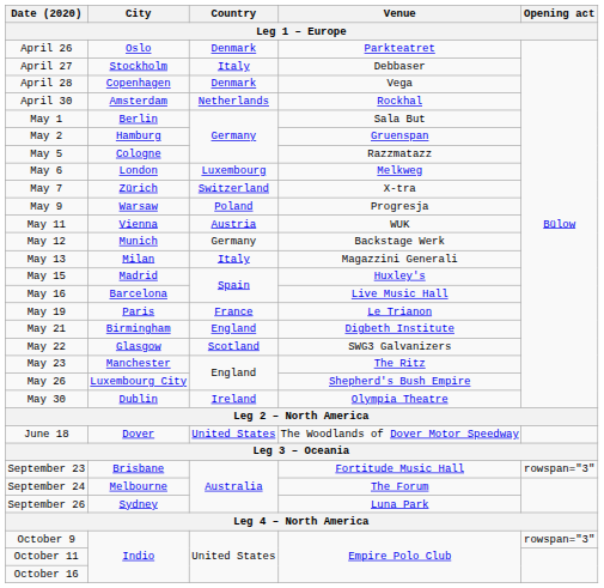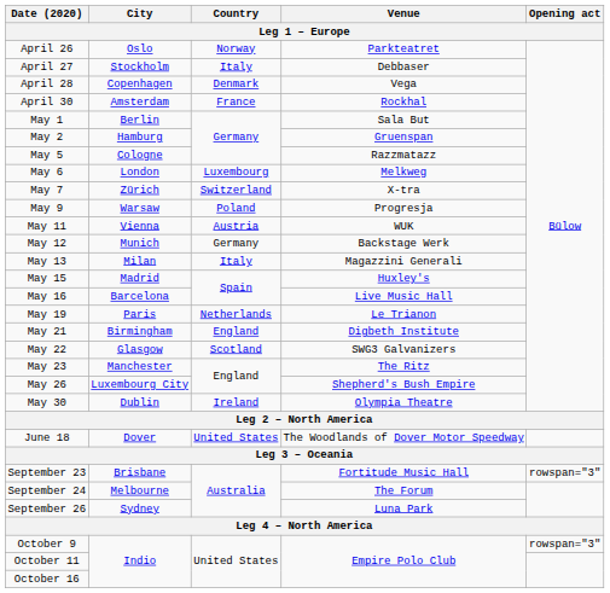 <table class="wikitable plainrowheaders" style="text-align:center;">
 <tr>
 <th>Date (2020)</th>
 <th>City</th>
 <th>Country</th>
 <th>Venue</th>
 <th>Opening act</th>
 </tr>
 <tr>
 <th colspan="5"><strong>Leg 1 – Europe</strong></th>
 </tr>
 <tr>
 <td>April 26</td>
 <td><a href='#'>Oslo</a></td>
-<td><a href='#'>Denmark</a></td>
+<td><a href='#'>Norway</a></td>
 <td><a href='#'>Parkteatret</a></td>
 <td rowspan="21"><a href='#'>Bülow</a></td>
 </tr>
 <tr>
 <td>April 27</td>
 <td><a href='#'>Stockholm</a></td>
 <td><a href='#'>Italy</a></td>
 <td>Debbaser</td>
 </tr>
 <tr>
 <td>April 28</td>
 <td><a href='#'>Copenhagen</a></td>
 <td><a href='#'>Denmark</a></td>
 <td>Vega</td>
 </tr>
 <tr>
 <td>April 30</td>
 <td><a href='#'>Amsterdam</a></td>
-<td><a href='#'>Netherlands</a></td>
+<td><a href='#'>France</a></td>
 <td><a href='#'>Rockhal</a></td>
 </tr>
 <tr>
 <td>May 1</td>
 <td><a href='#'>Berlin</a></td>
 <td rowspan="3"><a href='#'>Germany</a></td>
 <td>Sala But</td>
 </tr>
 <tr>
 <td>May 2</td>
 <td><a href='#'>Hamburg</a></td>
 <td><a href='#'>Gruenspan</a></td>
 </tr>
 <tr>
 <td>May 5</td>
 <td><a href='#'>Cologne</a></td>
 <td>Razzmatazz</td>
 </tr>
 <tr>
 <td>May 6</td>
 <td><a href='#'>London</a></td>
 <td><a href='#'>Luxembourg</a></td>
 <td><a href='#'>Melkweg</a></td>
 </tr>
 <tr>
 <td>May 7</td>
 <td><a href='#'>Zürich</a></td>
 <td><a href='#'>Switzerland</a></td>
 <td>X-tra</td>
 </tr>
 <tr>
 <td>May 9</td>
 <td><a href='#'>Warsaw</a></td>
 <td><a href='#'>Poland</a></td>
 <td>Progresja</td>
 </tr>
 <tr>
 <td>May 11</td>
 <td><a href='#'>Vienna</a></td>
 <td><a href='#'>Austria</a></td>
 <td>WUK</td>
 </tr>
 <tr>
 <td>May 12</td>
 <td><a href='#'>Munich</a></td>
 <td>Germany</td>
 <td>Backstage Werk</td>
 </tr>
 <tr>
 <td>May 13</td>
 <td><a href='#'>Milan</a></td>
 <td><a href='#'>Italy</a></td>
 <td>Magazzini Generali</td>
 </tr>
 <tr>
 <td>May 15</td>
 <td><a href='#'>Madrid</a></td>
 <td rowspan="2"><a href='#'>Spain</a></td>
 <td><a href='#'>Huxley's</a></td>
 </tr>
 <tr>
 <td>May 16</td>
 <td><a href='#'>Barcelona</a></td>
 <td><a href='#'>Live Music Hall</a></td>
 </tr>
 <tr>
 <td>May 19</td>
 <td><a href='#'>Paris</a></td>
-<td><a href='#'>France</a></td>
+<td><a href='#'>Netherlands</a></td>
 <td><a href='#'>Le Trianon</a></td>
 </tr>
 <tr>
 <td>May 21</td>
 <td><a href='#'>Birmingham</a></td>
 <td><a href='#'>England</a></td>
 <td><a href='#'>Digbeth Institute</a></td>
 </tr>
 <tr>
 <td>May 22</td>
 <td><a href='#'>Glasgow</a></td>
 <td><a href='#'>Scotland</a></td>
 <td>SWG3 Galvanizers</td>
 </tr>
 <tr>
 <td>May 23</td>
 <td><a href='#'>Manchester</a></td>
 <td rowspan="2">England</td>
 <td><a href='#'>The Ritz</a></td>
 </tr>
 <tr>
 <td>May 26</td>
 <td><a href='#'>Luxembourg City</a></td>
 <td><a href='#'>Shepherd's Bush Empire</a></td>
 </tr>
 <tr>
 <td>May 30</td>
 <td><a href='#'>Dublin</a></td>
 <td><a href='#'>Ireland</a></td>
 <td><a href='#'>Olympia Theatre</a></td>
 </tr>
 <tr>
 <th colspan="5"><strong>Leg 2 – North America</strong></th>
 </tr>
 <tr>
 <td>June 18</td>
 <td><a href='#'>Dover</a></td>
 <td><a href='#'>United States</a></td>
 <td>The Woodlands of <a href='#'>Dover Motor Speedway</a></td>
 <td></td>
 </tr>
 <tr>
 <th colspan="5"><strong>Leg 3 – Oceania</strong></th>
 </tr>
 <tr>
 <td>September 23</td>
 <td><a href='#'>Brisbane</a></td>
 <td rowspan="3"><a href='#'>Australia</a></td>
 <td><a href='#'>Fortitude Music Hall</a></td>
 <td>rowspan="3" </td>
 </tr>
 <tr>
 <td>September 24</td>
 <td><a href='#'>Melbourne</a></td>
 <td><a href='#'>The Forum</a></td>
 </tr>
 <tr>
 <td>September 26</td>
 <td><a href='#'>Sydney</a></td>
 <td><a href='#'>Luna Park</a></td>
 </tr>
 <tr>
 <th colspan="5"><strong>Leg 4 – North America</strong></th>
 </tr>
 <tr>
 <td>October 9</td>
 <td rowspan="3"><a href='#'>Indio</a></td>
 <td rowspan="3">United States</td>
 <td rowspan="3"><a href='#'>Empire Polo Club</a></td>
 <td>rowspan="3" </td>
 </tr>
 <tr>
 <td>October 11</td>
 </tr>
 <tr>
 <td>October 16</td>
 </tr>
 </table>
